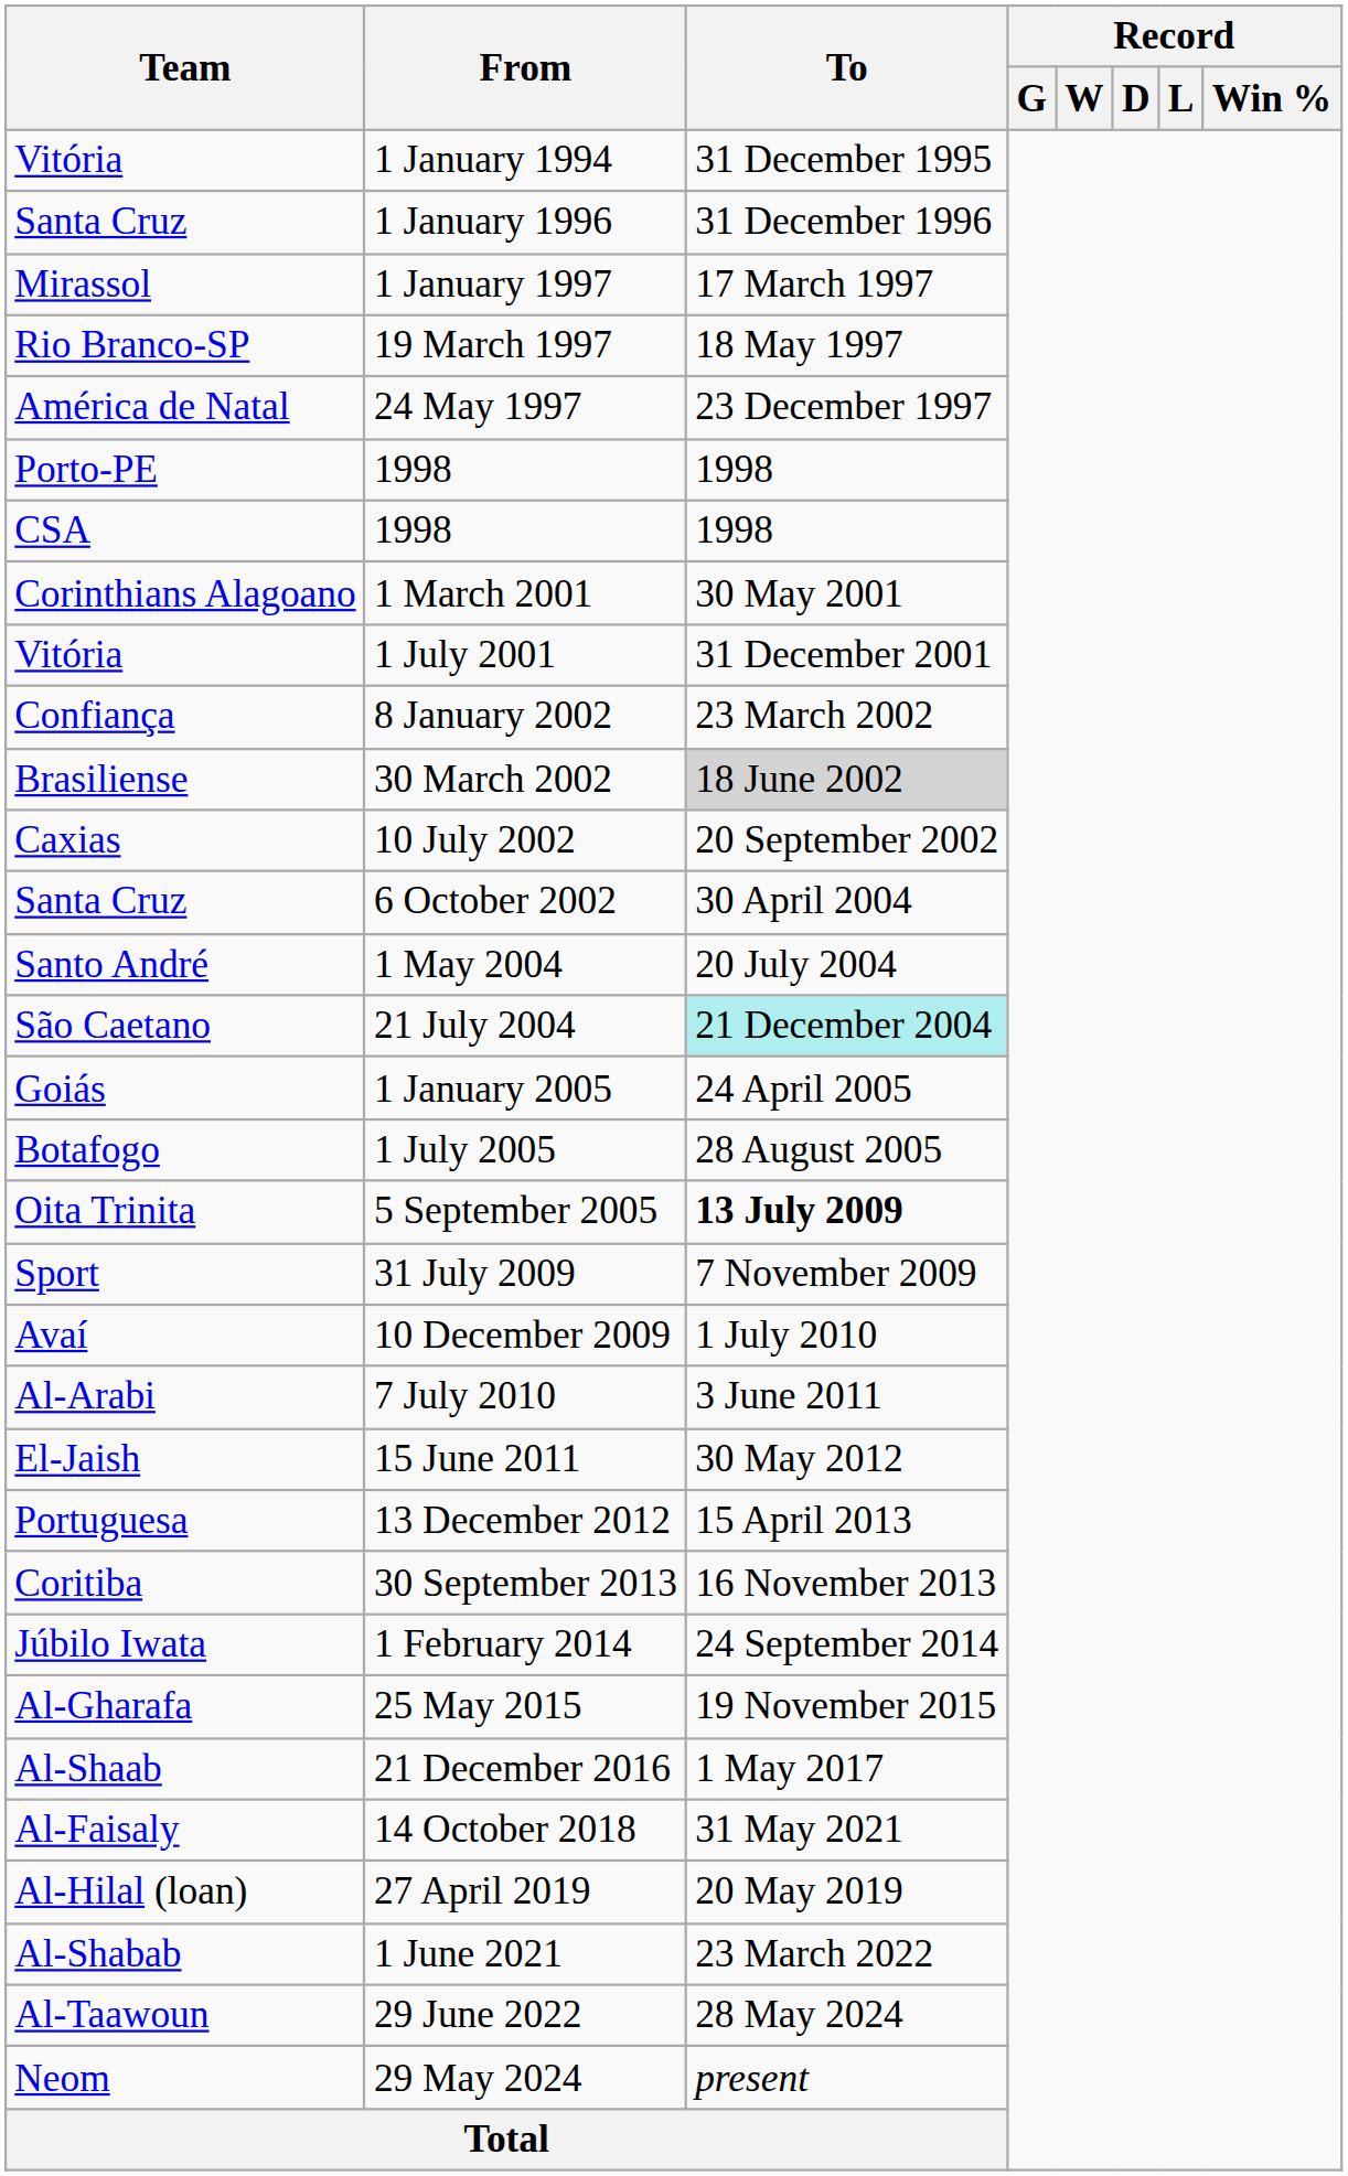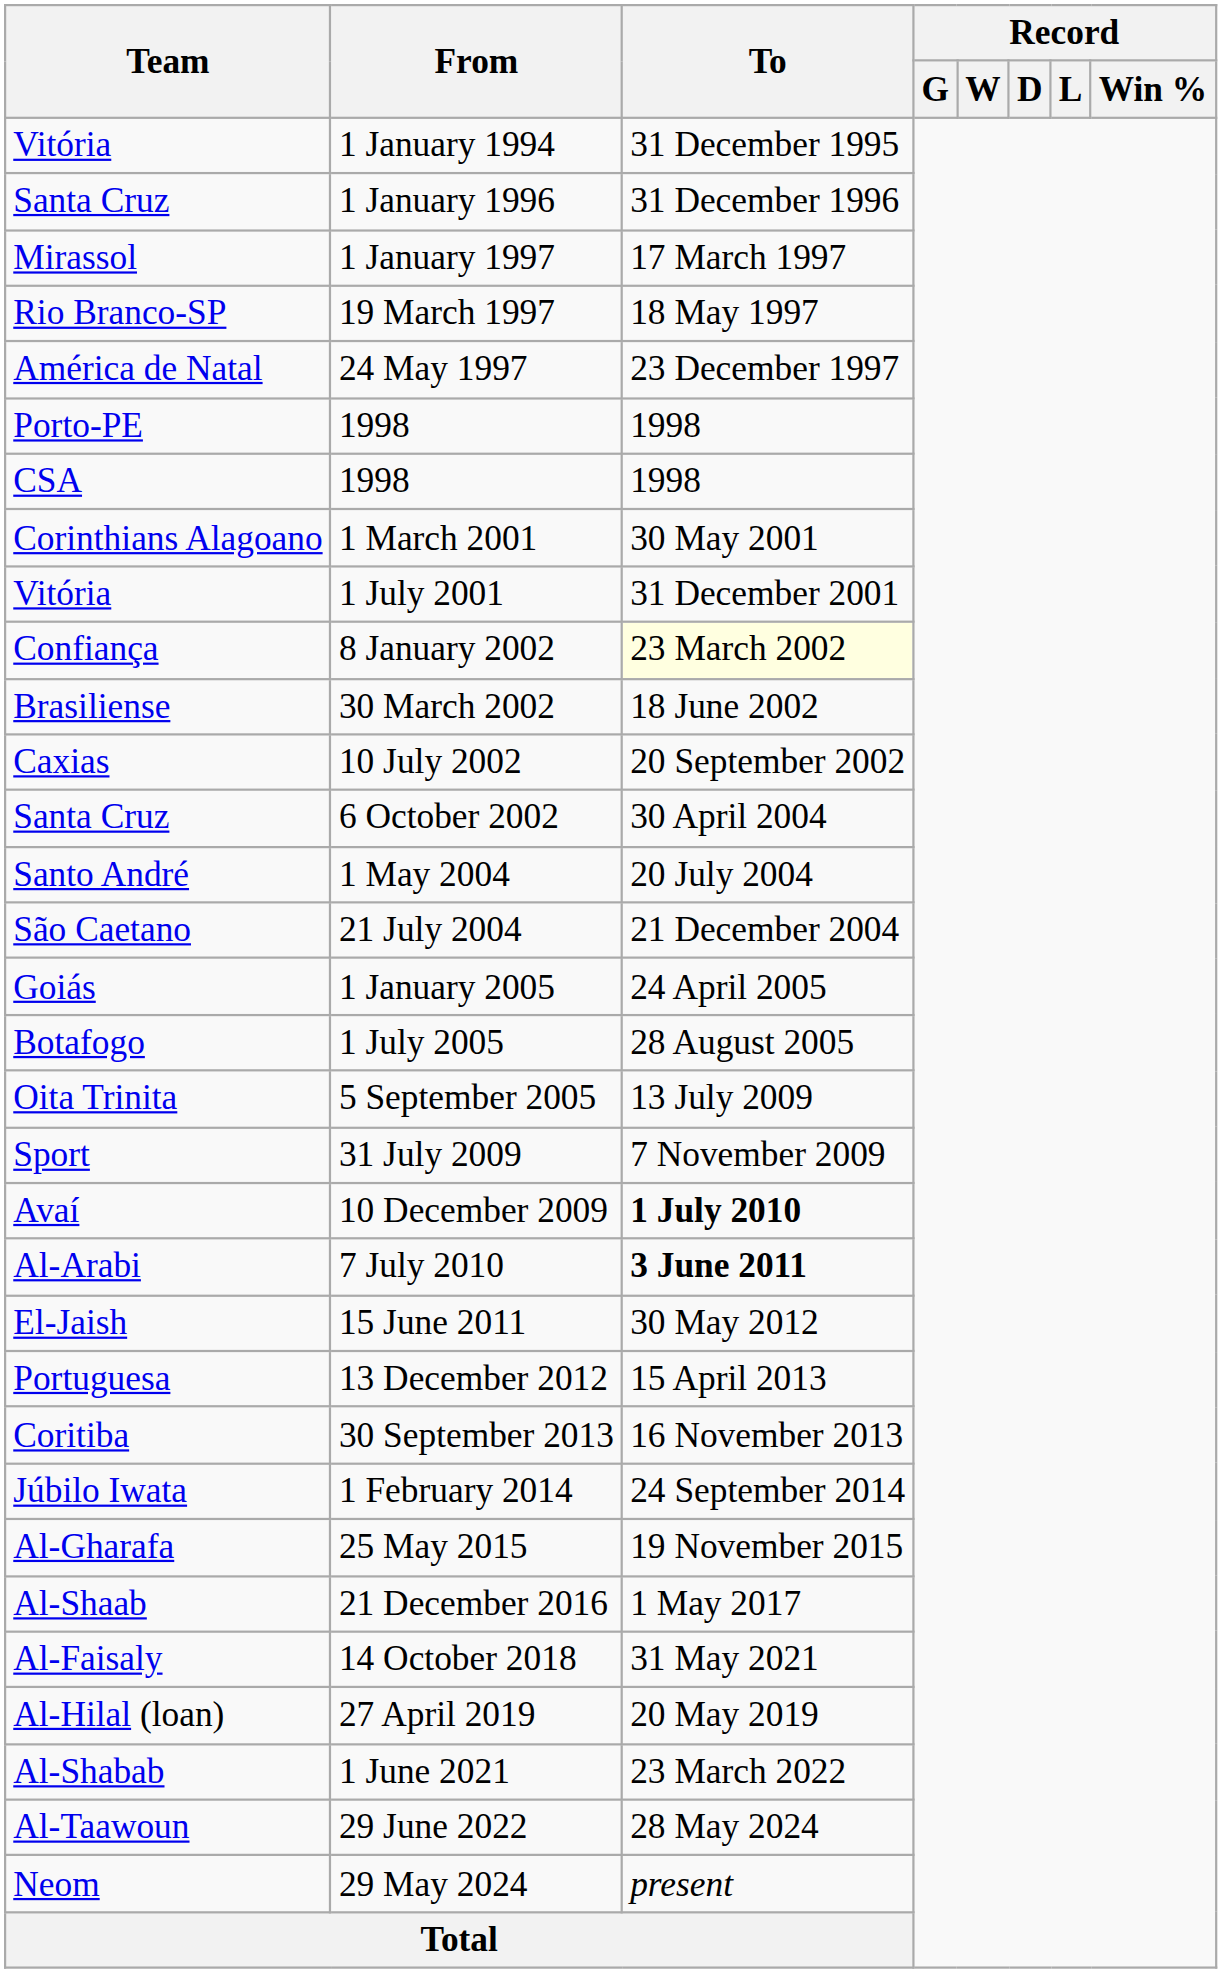 <table class="wikitable" style="text-align: center">
 <tr>
 <th rowspan="2">Team</th>
 <th rowspan="2">From</th>
 <th rowspan="2">To</th>
 <th colspan="5">Record</th>
 </tr>
 <tr>
 <th>G</th>
 <th>W</th>
 <th>D</th>
 <th>L</th>
 <th>Win %</th>
 </tr>
 <tr>
 <td align="left"> <a href='#'>Vitória</a></td>
 <td align="left">1 January 1994</td>
 <td align="left">31 December 1995<br></td>
 </tr>
 <tr>
 <td align="left"> <a href='#'>Santa Cruz</a></td>
 <td align="left">1 January 1996</td>
 <td align="left">31 December 1996<br></td>
 </tr>
 <tr>
 <td align="left"> <a href='#'>Mirassol</a></td>
 <td align="left">1 January 1997</td>
 <td align="left">17 March 1997<br></td>
 </tr>
 <tr>
 <td align="left"> <a href='#'>Rio Branco-SP</a></td>
 <td align="left">19 March 1997</td>
 <td align="left">18 May 1997<br></td>
 </tr>
 <tr>
 <td align="left"> <a href='#'>América de Natal</a></td>
 <td align="left">24 May 1997</td>
 <td align="left">23 December 1997<br></td>
 </tr>
 <tr>
 <td align="left"> <a href='#'>Porto-PE</a></td>
 <td align="left">1998</td>
 <td align="left">1998<br></td>
 </tr>
 <tr>
 <td align="left"> <a href='#'>CSA</a></td>
 <td align="left">1998</td>
 <td align="left">1998<br></td>
 </tr>
 <tr>
 <td align="left"> <a href='#'>Corinthians Alagoano</a></td>
 <td align="left">1 March 2001</td>
 <td align="left">30 May 2001<br></td>
 </tr>
 <tr>
 <td align="left"> <a href='#'>Vitória</a></td>
 <td align="left">1 July 2001</td>
 <td align="left">31 December 2001<br></td>
 </tr>
 <tr>
 <td align="left"> <a href='#'>Confiança</a></td>
 <td align="left">8 January 2002</td>
-<td align="left">23 March 2002<br></td>
+<td align="left" style="background: lightyellow;">23 March 2002<br></td>
 </tr>
 <tr>
 <td align="left"> <a href='#'>Brasiliense</a></td>
 <td align="left">30 March 2002</td>
-<td align="left" style="background: lightgrey;">18 June 2002<br></td>
+<td align="left">18 June 2002<br></td>
 </tr>
 <tr>
 <td align="left"> <a href='#'>Caxias</a></td>
 <td align="left">10 July 2002</td>
 <td align="left">20 September 2002<br></td>
 </tr>
 <tr>
 <td align="left"> <a href='#'>Santa Cruz</a></td>
 <td align="left">6 October 2002</td>
 <td align="left">30 April 2004<br></td>
 </tr>
 <tr>
 <td align="left"> <a href='#'>Santo André</a></td>
 <td align="left">1 May 2004</td>
 <td align="left">20 July 2004<br></td>
 </tr>
 <tr>
 <td align="left"> <a href='#'>São Caetano</a></td>
 <td align="left">21 July 2004</td>
-<td align="left" style="background: paleturquoise;">21 December 2004<br></td>
+<td align="left">21 December 2004<br></td>
 </tr>
 <tr>
 <td align="left"> <a href='#'>Goiás</a></td>
 <td align="left">1 January 2005</td>
 <td align="left">24 April 2005<br></td>
 </tr>
 <tr>
 <td align="left"> <a href='#'>Botafogo</a></td>
 <td align="left">1 July 2005</td>
 <td align="left">28 August 2005<br></td>
 </tr>
 <tr>
 <td align="left"> <a href='#'>Oita Trinita</a></td>
 <td align="left">5 September 2005</td>
-<td align="left"><strong>13 July 2009<br></strong></td>
+<td align="left">13 July 2009<br></td>
 </tr>
 <tr>
 <td align="left"> <a href='#'>Sport</a></td>
 <td align="left">31 July 2009</td>
 <td align="left">7 November 2009<br></td>
 </tr>
 <tr>
 <td align="left"> <a href='#'>Avaí</a></td>
 <td align="left">10 December 2009</td>
-<td align="left">1 July 2010<br></td>
+<td align="left"><strong>1 July 2010<br></strong></td>
 </tr>
 <tr>
 <td align="left"> <a href='#'>Al-Arabi</a></td>
 <td align="left">7 July 2010</td>
-<td align="left">3 June 2011<br></td>
+<td align="left"><strong>3 June 2011<br></strong></td>
 </tr>
 <tr>
 <td align="left"> <a href='#'>El-Jaish</a></td>
 <td align="left">15 June 2011</td>
 <td align="left">30 May 2012<br></td>
 </tr>
 <tr>
 <td align="left"> <a href='#'>Portuguesa</a></td>
 <td align="left">13 December 2012</td>
 <td align="left">15 April 2013<br></td>
 </tr>
 <tr>
 <td align="left"> <a href='#'>Coritiba</a></td>
 <td align="left">30 September 2013</td>
 <td align="left">16 November 2013<br></td>
 </tr>
 <tr>
 <td align="left"> <a href='#'>Júbilo Iwata</a></td>
 <td align="left">1 February 2014</td>
 <td align="left">24 September 2014<br></td>
 </tr>
 <tr>
 <td align="left"> <a href='#'>Al-Gharafa</a></td>
 <td align="left">25 May 2015</td>
 <td align="left">19 November 2015<br></td>
 </tr>
 <tr>
 <td align="left"> <a href='#'>Al-Shaab</a></td>
 <td align="left">21 December 2016</td>
 <td align="left">1 May 2017<br></td>
 </tr>
 <tr>
 <td align="left"> <a href='#'>Al-Faisaly</a></td>
 <td align="left">14 October 2018</td>
 <td align="left">31 May 2021<br></td>
 </tr>
 <tr>
 <td align="left"> <a href='#'>Al-Hilal</a> (loan)</td>
 <td align="left">27 April 2019</td>
 <td align="left">20 May 2019<br></td>
 </tr>
 <tr>
 <td align="left"> <a href='#'>Al-Shabab</a></td>
 <td align="left">1 June 2021</td>
 <td align="left">23 March 2022<br></td>
 </tr>
 <tr>
 <td align="left"> <a href='#'>Al-Taawoun</a></td>
 <td align="left">29 June 2022</td>
 <td align="left">28 May 2024<br></td>
 </tr>
 <tr>
 <td align="left"> <a href='#'>Neom</a></td>
 <td align="left">29 May 2024</td>
 <td align="left"><em>present</em><br></td>
 </tr>
 <tr>
 <th colspan="3">Total<br></th>
 </tr>
 </table>
